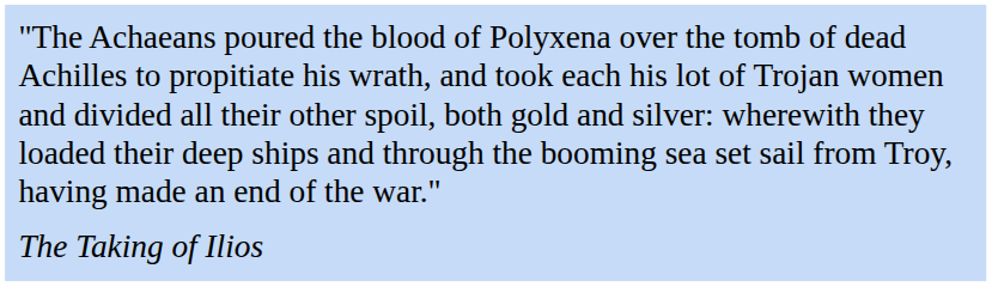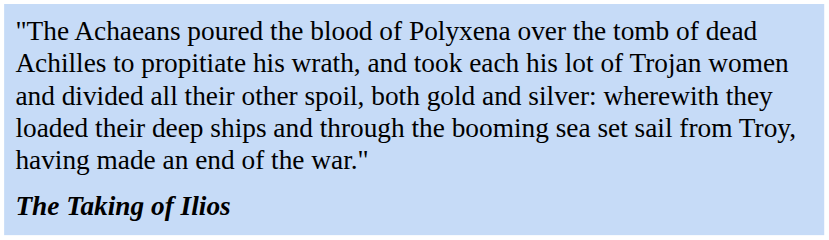 <table class="toccolours" style="float: left; margin-left: 1em; margin-right: 2em; font-size: 85%; background:#c6dbf7; color:black; width:30em; max-width: 40%;" cellspacing="5">
 <tr>
 <td style="text-align: left;">"The Achaeans poured the blood of Polyxena over the tomb of dead Achilles to propitiate his wrath, and took each his lot of Trojan women and divided all their other spoil, both gold and silver: wherewith they loaded their deep ships and through the booming sea set sail from Troy, having made an end of the war."</td>
 </tr>
 <tr>
-<td style="text-align: left;"><em>The Taking of Ilios</em></td>
+<td style="text-align: left;"><strong><em>The Taking of Ilios</em></strong></td>
 </tr>
 </table>
